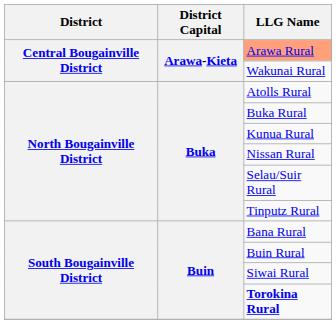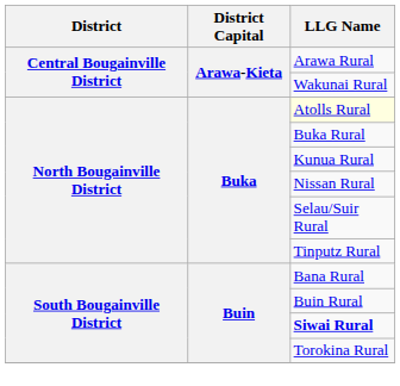 <table class="wikitable" style="text-align: left;" width="400">
 <tr>
 <th>District</th>
 <th>District Capital</th>
 <th>LLG Name</th>
 </tr>
 <tr>
 <th rowspan="2"><a href='#'>Central Bougainville District</a></th>
 <th rowspan="2"><a href='#'>Arawa</a>-<a href='#'>Kieta</a></th>
-<td style="background: lightsalmon;"><a href='#'>Arawa Rural</a></td>
+<td><a href='#'>Arawa Rural</a></td>
 </tr>
 <tr>
 <td><a href='#'>Wakunai Rural</a></td>
 </tr>
 <tr>
 <th rowspan="6"><a href='#'>North Bougainville District</a></th>
 <th rowspan="6"><a href='#'>Buka</a></th>
-<td><a href='#'>Atolls Rural</a></td>
+<td style="background: lightyellow;"><a href='#'>Atolls Rural</a></td>
 </tr>
 <tr>
 <td><a href='#'>Buka Rural</a></td>
 </tr>
 <tr>
 <td><a href='#'>Kunua Rural</a></td>
 </tr>
 <tr>
 <td><a href='#'>Nissan Rural</a></td>
 </tr>
 <tr>
 <td><a href='#'>Selau/Suir Rural</a></td>
 </tr>
 <tr>
 <td><a href='#'>Tinputz Rural</a></td>
 </tr>
 <tr>
 <th rowspan="4"><a href='#'>South Bougainville District</a></th>
 <th rowspan="4"><a href='#'>Buin</a></th>
 <td><a href='#'>Bana Rural</a></td>
 </tr>
 <tr>
 <td><a href='#'>Buin Rural</a></td>
 </tr>
 <tr>
-<td><a href='#'>Siwai Rural</a></td>
+<td><strong><a href='#'>Siwai Rural</a></strong></td>
 </tr>
 <tr>
-<td><strong><a href='#'>Torokina Rural</a></strong></td>
+<td><a href='#'>Torokina Rural</a></td>
 </tr>
 <tr>
 </tr>
 </table>
